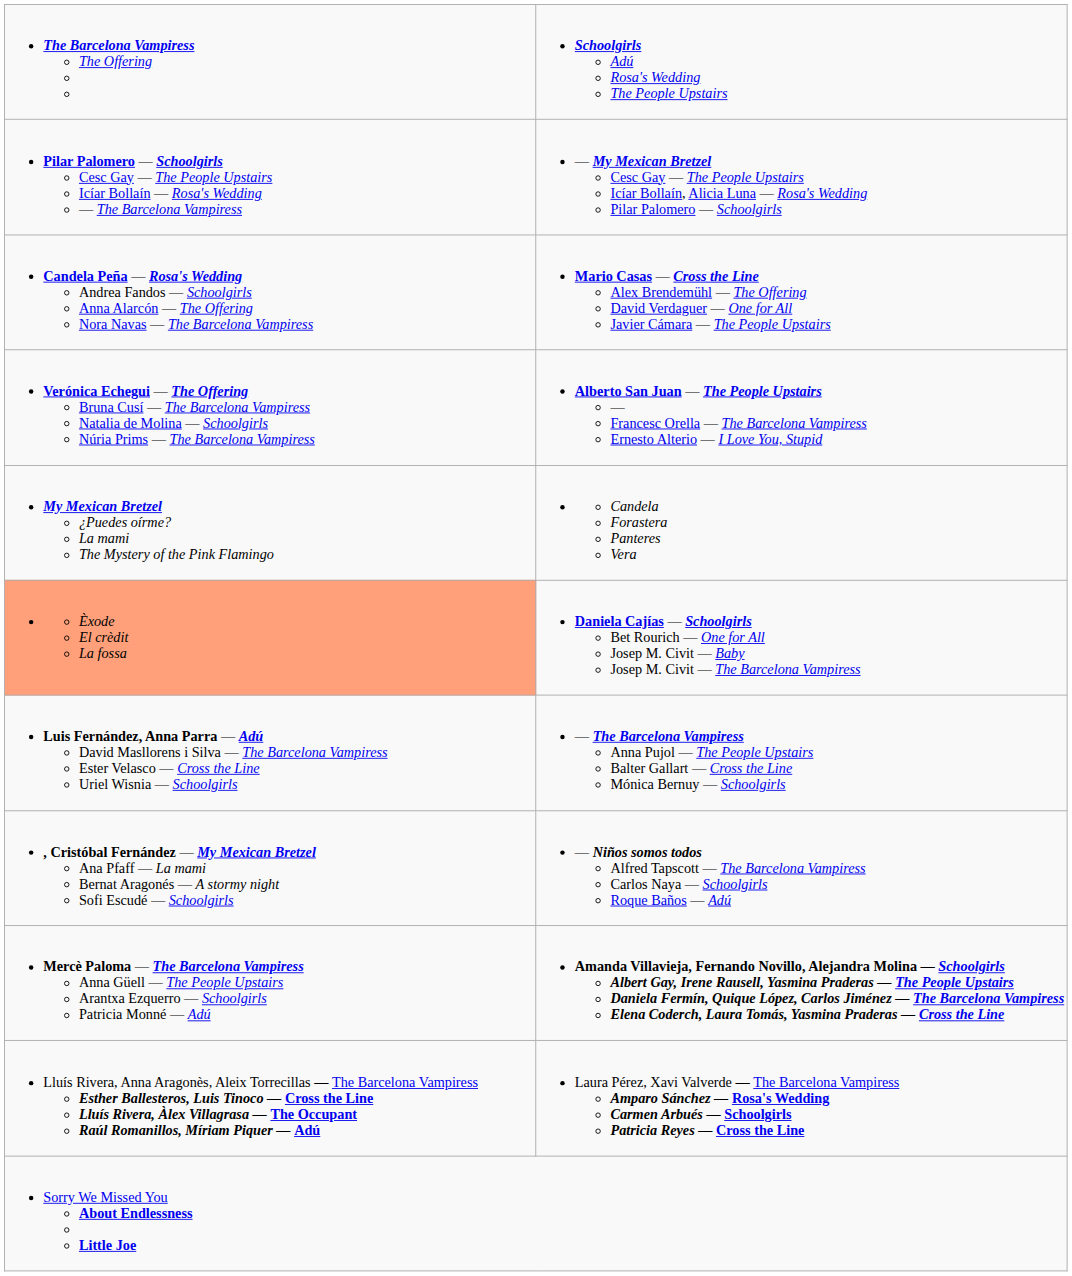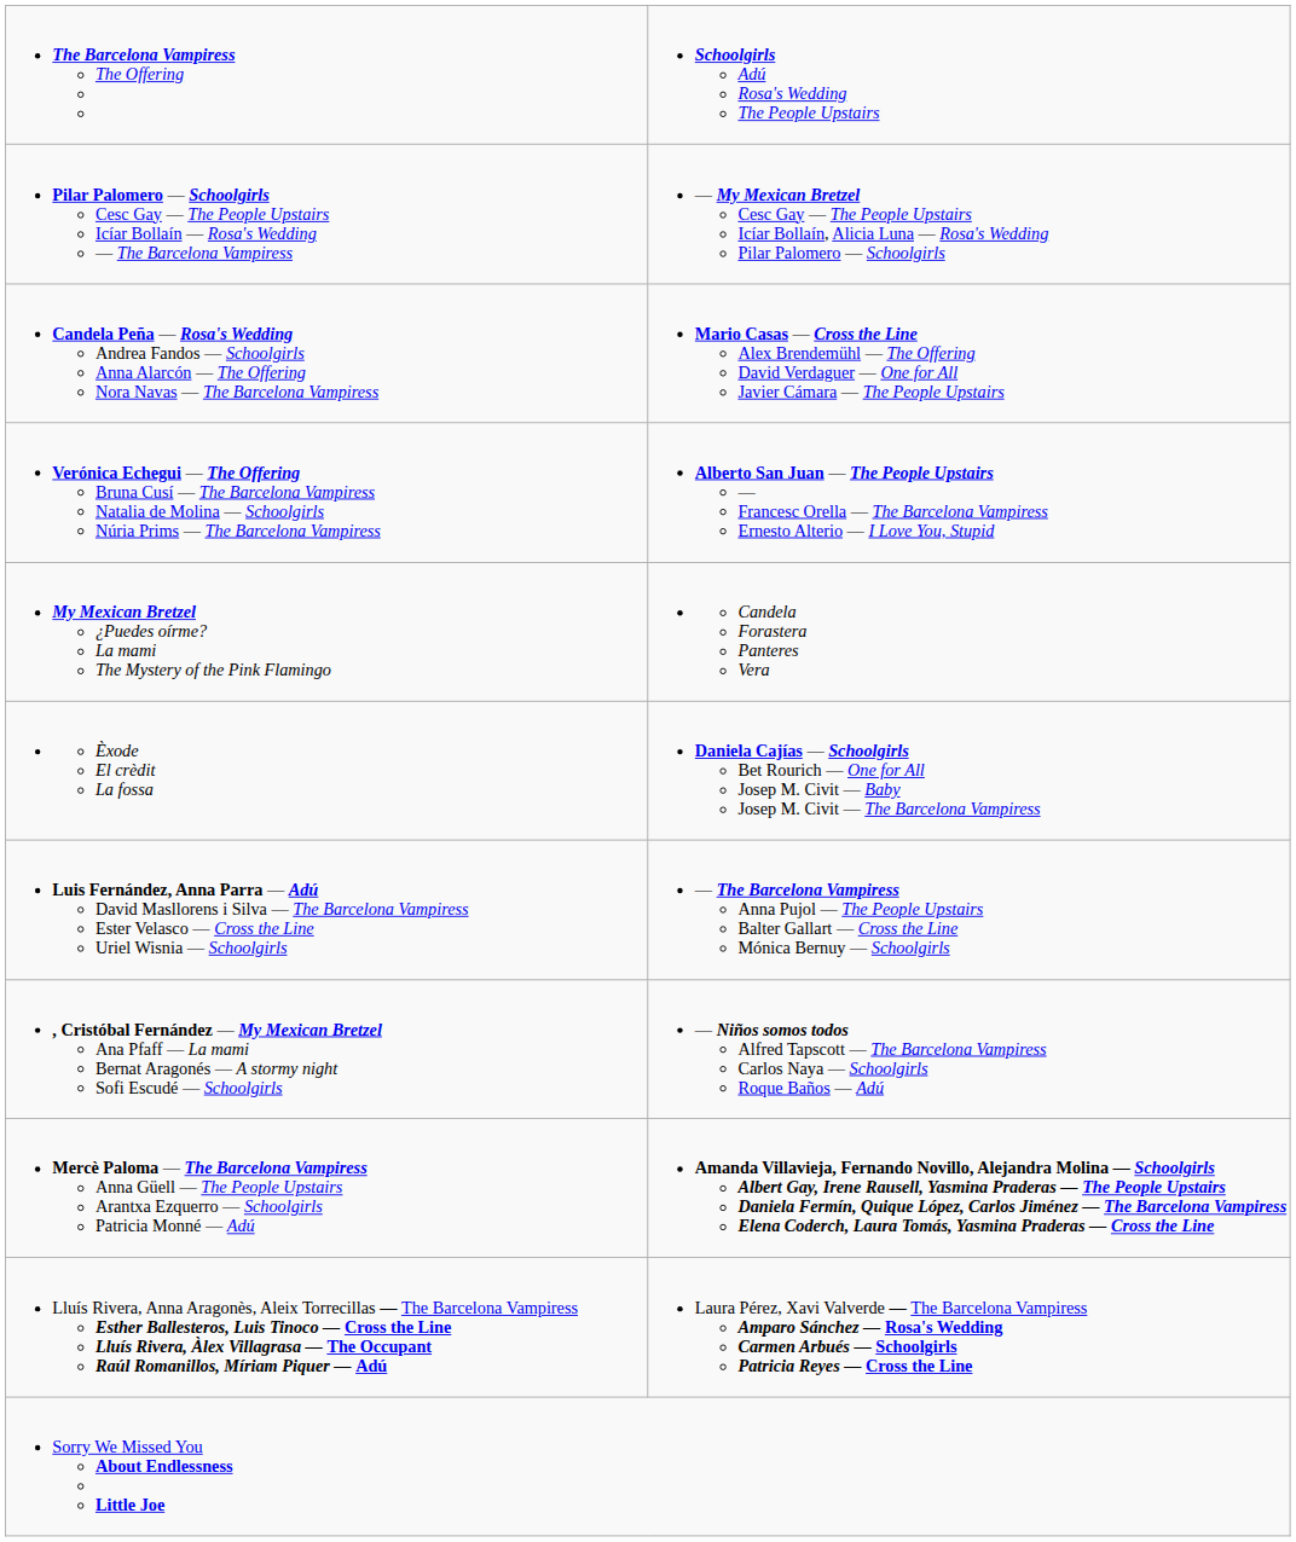 <table class=wikitable style="width="100%">
 <tr>
 <td style="vertical-align:top;" width="50%"><br><ul><li><strong><em><a href='#'>The Barcelona Vampiress</a></em></strong><ul><li><em><a href='#'>The Offering</a></em></li><li><em></em></li><li><em></em></li></ul></li></ul></td>
 <td style="vertical-align:top;" width="50%"><br><ul><li><strong><em><a href='#'>Schoolgirls</a></em></strong><ul><li><em><a href='#'>Adú</a></em></li><li><em><a href='#'>Rosa's Wedding</a></em></li><li><em><a href='#'>The People Upstairs</a></em></li></ul></li></ul></td>
 </tr>
 <tr>
 <td style="vertical-align:top;" width="50%"><br><ul><li><strong><a href='#'>Pilar Palomero</a></strong> — <strong><em><a href='#'>Schoolgirls</a></em></strong><ul><li><a href='#'>Cesc Gay</a> — <em><a href='#'>The People Upstairs</a></em></li><li><a href='#'>Icíar Bollaín</a> — <em><a href='#'>Rosa's Wedding</a></em></li><li> — <em><a href='#'>The Barcelona Vampiress</a></em></li></ul></li></ul></td>
 <td style="vertical-align:top;" width="50%"><br><ul><li><strong></strong> — <strong><em><a href='#'>My Mexican Bretzel</a></em></strong><ul><li><a href='#'>Cesc Gay</a> — <em><a href='#'>The People Upstairs</a></em></li><li><a href='#'>Icíar Bollaín</a>, <a href='#'>Alicia Luna</a> — <em><a href='#'>Rosa's Wedding</a></em></li><li><a href='#'>Pilar Palomero</a> — <em><a href='#'>Schoolgirls</a></em></li></ul></li></ul></td>
 </tr>
 <tr>
 <td style="vertical-align:top;" width="50%"><br><ul><li><strong><a href='#'>Candela Peña</a></strong> — <strong><em><a href='#'>Rosa's Wedding</a></em></strong><ul><li>Andrea Fandos — <em><a href='#'>Schoolgirls</a></em></li><li><a href='#'>Anna Alarcón</a> — <em><a href='#'>The Offering</a></em></li><li><a href='#'>Nora Navas</a> — <em><a href='#'>The Barcelona Vampiress</a></em></li></ul></li></ul></td>
 <td style="vertical-align:top;" width="50%"><br><ul><li><strong><a href='#'>Mario Casas</a></strong> — <strong><em><a href='#'>Cross the Line</a></em></strong><ul><li><a href='#'>Alex Brendemühl</a> — <em><a href='#'>The Offering</a></em></li><li><a href='#'>David Verdaguer</a> — <em><a href='#'>One for All</a></em></li><li><a href='#'>Javier Cámara</a> — <em><a href='#'>The People Upstairs</a></em></li></ul></li></ul></td>
 </tr>
 <tr>
 <td style="vertical-align:top;" width="50%"><br><ul><li><strong><a href='#'>Verónica Echegui</a></strong> — <strong><em><a href='#'>The Offering</a></em></strong><ul><li><a href='#'>Bruna Cusí</a> — <em><a href='#'>The Barcelona Vampiress</a></em></li><li><a href='#'>Natalia de Molina</a> — <em><a href='#'>Schoolgirls</a></em></li><li><a href='#'>Núria Prims</a> — <em><a href='#'>The Barcelona Vampiress</a></em></li></ul></li></ul></td>
 <td style="vertical-align:top;" width="50%"><br><ul><li><strong><a href='#'>Alberto San Juan</a></strong> — <strong><em><a href='#'>The People Upstairs</a></em></strong><ul><li> — <em></em></li><li><a href='#'>Francesc Orella</a> — <em><a href='#'>The Barcelona Vampiress</a></em></li><li><a href='#'>Ernesto Alterio</a> — <em><a href='#'>I Love You, Stupid</a></em></li></ul></li></ul></td>
 </tr>
 <tr>
 <td style="vertical-align:top;" width="50%"><br><ul><li><strong><em><a href='#'>My Mexican Bretzel</a></em></strong><ul><li><em>¿Puedes oírme?</em></li><li><em>La mami</em></li><li><em>The Mystery of the Pink Flamingo</em></li></ul></li></ul></td>
 <td style="vertical-align:top;" width="50%"><br><ul><li><strong><em></em></strong><ul><li><em>Candela</em></li><li><em>Forastera</em></li><li><em>Panteres</em></li><li><em>Vera</em></li></ul></li></ul></td>
 </tr>
 <tr>
-<td style="background: lightsalmon; vertical-align:top;" width="50%"><br><ul><li><strong><em></em></strong><ul><li><em>Èxode</em></li><li><em>El crèdit</em></li><li><em>La fossa</em></li></ul></li></ul></td>
+<td style="vertical-align:top;" width="50%"><br><ul><li><strong><em></em></strong><ul><li><em>Èxode</em></li><li><em>El crèdit</em></li><li><em>La fossa</em></li></ul></li></ul></td>
 <td style="vertical-align:top;" width="50%"><br><ul><li><strong><a href='#'>Daniela Cajías</a></strong> — <strong><em><a href='#'>Schoolgirls</a></em></strong><ul><li>Bet Rourich — <em><a href='#'>One for All</a></em></li><li>Josep M. Civit — <em><a href='#'>Baby</a></em></li><li>Josep M. Civit — <em><a href='#'>The Barcelona Vampiress</a></em></li></ul></li></ul></td>
 </tr>
 <tr>
 <td style="vertical-align:top;" width="50%"><br><ul><li><strong>Luis Fernández, Anna Parra</strong> — <strong><em><a href='#'>Adú</a></em></strong><ul><li>David Masllorens i Silva — <em><a href='#'>The Barcelona Vampiress</a></em></li><li>Ester Velasco — <em><a href='#'>Cross the Line</a></em></li><li>Uriel Wisnia — <em><a href='#'>Schoolgirls</a></em></li></ul></li></ul></td>
 <td style="vertical-align:top;" width="50%"><br><ul><li><strong></strong> — <strong><em><a href='#'>The Barcelona Vampiress</a></em></strong><ul><li>Anna Pujol — <em><a href='#'>The People Upstairs</a></em></li><li>Balter Gallart — <em><a href='#'>Cross the Line</a></em></li><li>Mónica Bernuy — <em><a href='#'>Schoolgirls</a></em></li></ul></li></ul></td>
 </tr>
 <tr>
 <td style="vertical-align:top;" width="50%"><br><ul><li><strong>, Cristóbal Fernández</strong> — <strong><em><a href='#'>My Mexican Bretzel</a></em></strong><ul><li>Ana Pfaff — <em>La mami</em></li><li>Bernat Aragonés — <em>A stormy night</em></li><li>Sofi Escudé — <em><a href='#'>Schoolgirls</a></em></li></ul></li></ul></td>
 <td style="vertical-align:top;" width="50%"><br><ul><li><strong></strong> — <strong><em>Niños somos todos</em></strong><ul><li>Alfred Tapscott — <em><a href='#'>The Barcelona Vampiress</a></em></li><li>Carlos Naya — <em><a href='#'>Schoolgirls</a></em></li><li><a href='#'>Roque Baños</a> — <em><a href='#'>Adú</a></em></li></ul></li></ul></td>
 </tr>
 <tr>
 <td style="vertical-align:top;" width="50%"><br><ul><li><strong>Mercè Paloma</strong> — <strong><em><a href='#'>The Barcelona Vampiress</a></em></strong><ul><li>Anna Güell — <em><a href='#'>The People Upstairs</a></em></li><li>Arantxa Ezquerro — <em><a href='#'>Schoolgirls</a></em></li><li>Patricia Monné — <em><a href='#'>Adú</a></em></li></ul></li></ul></td>
 <td style="vertical-align:top;" width="50%"><br><ul><li><strong>Amanda Villavieja, Fernando Novillo, Alejandra Molina — <em><a href='#'>Schoolgirls</a><strong><em><ul><li>Albert Gay, Irene Rausell, Yasmina Praderas — </em><a href='#'>The People Upstairs</a><em></li><li>Daniela Fermín, Quique López,  Carlos Jiménez — </em><a href='#'>The Barcelona Vampiress</a><em></li><li>Elena Coderch, Laura Tomás, Yasmina Praderas — </em><a href='#'>Cross the Line</a><em></li></ul></li></ul></td>
 </tr>
 <tr>
 <td style="vertical-align:top;" width="50%"><br><ul><li></strong>Lluís Rivera, Anna Aragonès, Aleix Torrecillas<strong> — </em></strong><a href='#'>The Barcelona Vampiress</a><strong><em><ul><li>Esther Ballesteros, Luis Tinoco — </em><a href='#'>Cross the Line</a><em></li><li>Lluís Rivera, Àlex Villagrasa — </em><a href='#'>The Occupant</a><em></li><li>Raúl Romanillos, Míriam Piquer — </em><a href='#'>Adú</a><em></li></ul></li></ul></td>
 <td style="vertical-align:top;" width="50%"><br><ul><li></strong>Laura Pérez, Xavi Valverde<strong> — </em></strong><a href='#'>The Barcelona Vampiress</a><strong><em><ul><li>Amparo Sánchez — </em><a href='#'>Rosa's Wedding</a><em></li><li>Carmen Arbués — </em><a href='#'>Schoolgirls</a><em></li><li>Patricia Reyes — </em><a href='#'>Cross the Line</a><em></li></ul></li></ul></td>
 </tr>
 <tr>
 <td colspan = "2" style="vertical-align:top;" width="100%"><br><ul><li></em></strong><a href='#'>Sorry We Missed You</a><strong><em><ul><li></em><a href='#'>About Endlessness</a><em></li><li></em><em></li><li></em><a href='#'>Little Joe</a><em></li></ul></li></ul></td>
 </tr>
 </table>
